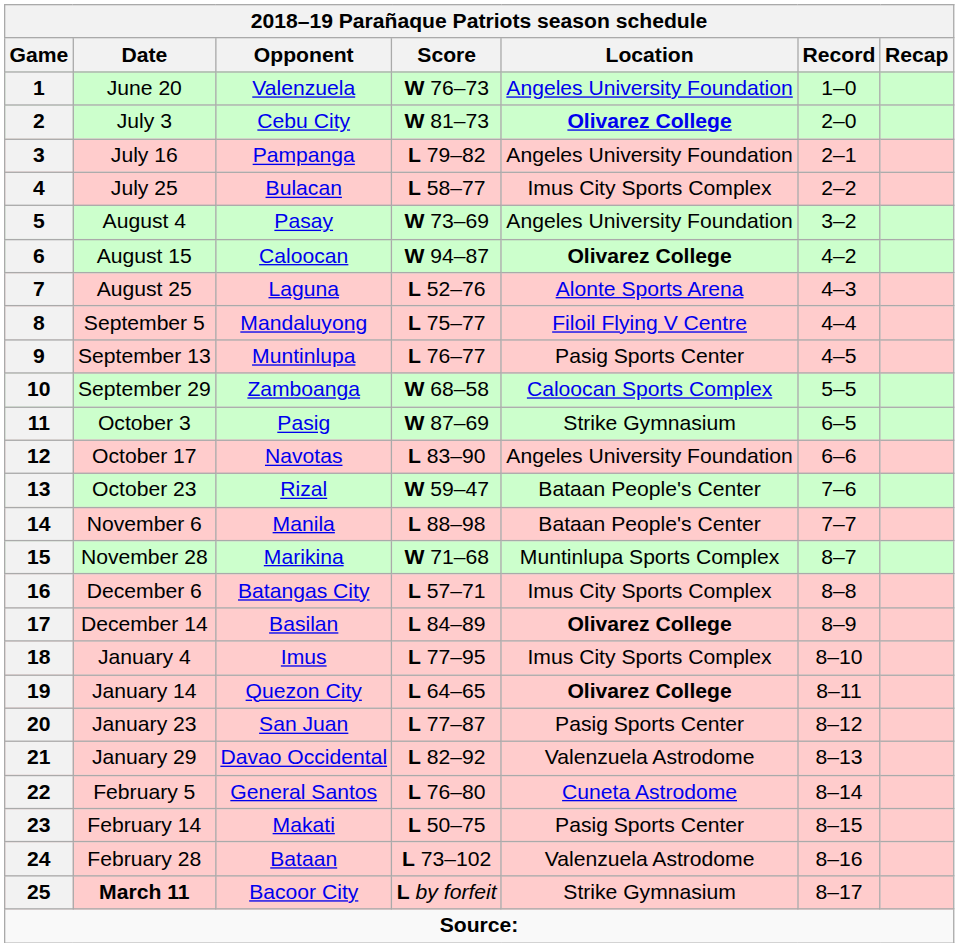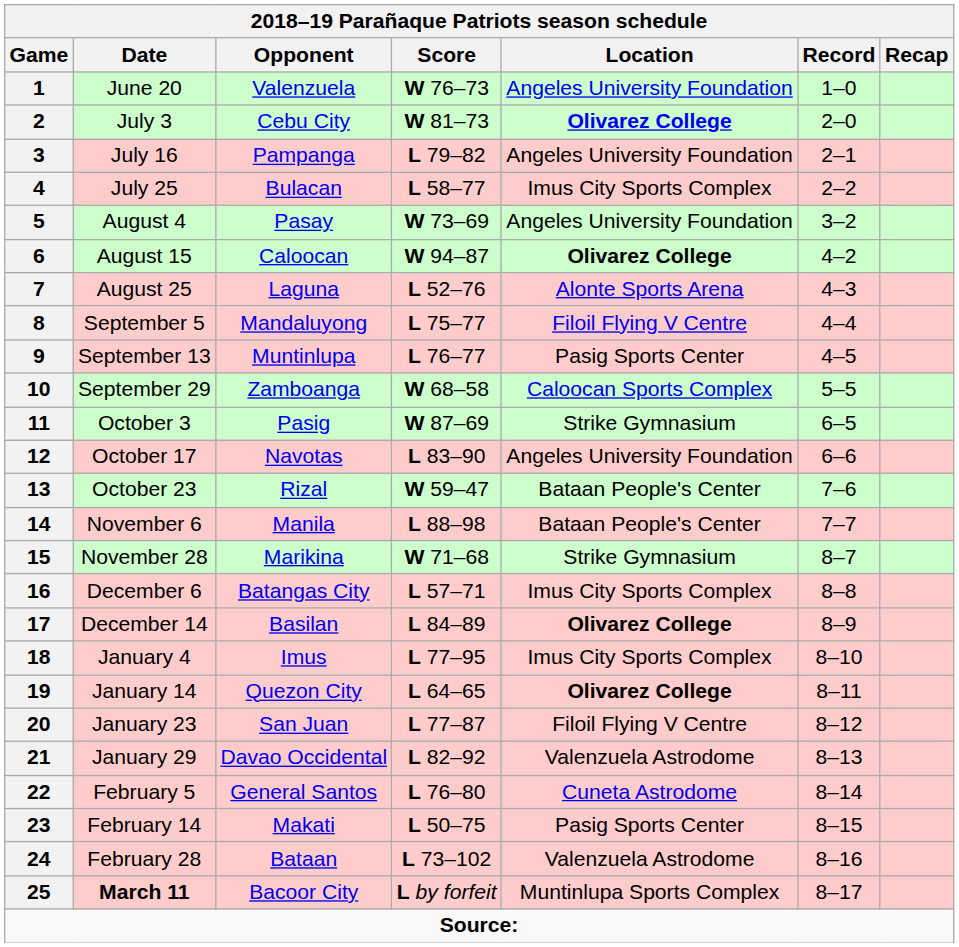 <table class="wikitable" style="text-align:center">
 <tr>
 <th colspan=7>2018–19 Parañaque Patriots season schedule</th>
 </tr>
 <tr>
 <th>Game</th>
 <th>Date</th>
 <th>Opponent</th>
 <th>Score</th>
 <th>Location</th>
 <th>Record</th>
 <th>Recap<br></th>
 </tr>
 <tr style="background:#cfc">
 <th>1</th>
 <td>June 20</td>
 <td><a href='#'>Valenzuela</a></td>
 <td><strong>W</strong> 76–73</td>
 <td><a href='#'>Angeles University Foundation</a></td>
 <td>1–0</td>
 <td></td>
 </tr>
 <tr style="background:#cfc">
 <th>2</th>
 <td>July 3</td>
 <td><a href='#'>Cebu City</a></td>
 <td><strong>W</strong> 81–73</td>
 <td><strong><a href='#'>Olivarez College</a></strong></td>
 <td>2–0</td>
 <td></td>
 </tr>
 <tr style="background:#fcc">
 <th>3</th>
 <td>July 16</td>
 <td><a href='#'>Pampanga</a></td>
 <td><strong>L</strong> 79–82</td>
 <td>Angeles University Foundation</td>
 <td>2–1</td>
 <td></td>
 </tr>
 <tr style="background:#fcc">
 <th>4</th>
 <td>July 25</td>
 <td><a href='#'>Bulacan</a></td>
 <td><strong>L</strong> 58–77</td>
 <td>Imus City Sports Complex</td>
 <td>2–2</td>
 <td></td>
 </tr>
 <tr style="background:#cfc">
 <th>5</th>
 <td>August 4</td>
 <td><a href='#'>Pasay</a></td>
 <td><strong>W</strong> 73–69</td>
 <td>Angeles University Foundation</td>
 <td>3–2</td>
 <td></td>
 </tr>
 <tr style="background:#cfc">
 <th>6</th>
 <td>August 15</td>
 <td><a href='#'>Caloocan</a></td>
 <td><strong>W</strong> 94–87</td>
 <td><strong>Olivarez College</strong></td>
 <td>4–2</td>
 <td></td>
 </tr>
 <tr style="background:#fcc">
 <th>7</th>
 <td>August 25</td>
 <td><a href='#'>Laguna</a></td>
 <td><strong>L</strong> 52–76</td>
 <td><a href='#'>Alonte Sports Arena</a></td>
 <td>4–3</td>
 <td></td>
 </tr>
 <tr style="background:#fcc">
 <th>8</th>
 <td>September 5</td>
 <td><a href='#'>Mandaluyong</a></td>
 <td><strong>L</strong> 75–77</td>
 <td><a href='#'>Filoil Flying V Centre</a></td>
 <td>4–4</td>
 <td></td>
 </tr>
 <tr style="background:#fcc">
 <th>9</th>
 <td>September 13</td>
 <td><a href='#'>Muntinlupa</a></td>
 <td><strong>L</strong> 76–77</td>
 <td>Pasig Sports Center</td>
 <td>4–5</td>
 <td></td>
 </tr>
 <tr style="background:#cfc">
 <th>10</th>
 <td>September 29</td>
 <td><a href='#'>Zamboanga</a></td>
 <td><strong>W</strong> 68–58</td>
 <td><a href='#'>Caloocan Sports Complex</a></td>
 <td>5–5</td>
 <td><br></td>
 </tr>
 <tr style="background:#cfc">
 <th>11</th>
 <td>October 3</td>
 <td><a href='#'>Pasig</a></td>
 <td><strong>W</strong> 87–69</td>
 <td>Strike Gymnasium</td>
 <td>6–5</td>
 <td></td>
 </tr>
 <tr style="background:#fcc">
 <th>12</th>
 <td>October 17</td>
 <td><a href='#'>Navotas</a></td>
 <td><strong>L</strong> 83–90</td>
 <td>Angeles University Foundation</td>
 <td>6–6</td>
 <td></td>
 </tr>
 <tr style="background:#cfc">
 <th>13</th>
 <td>October 23</td>
 <td><a href='#'>Rizal</a></td>
 <td><strong>W</strong> 59–47</td>
 <td>Bataan People's Center</td>
 <td>7–6</td>
 <td></td>
 </tr>
 <tr style="background:#fcc">
 <th>14</th>
 <td>November 6</td>
 <td><a href='#'>Manila</a></td>
 <td><strong>L</strong> 88–98</td>
 <td>Bataan People's Center</td>
 <td>7–7</td>
 <td></td>
 </tr>
 <tr style="background:#cfc">
 <th>15</th>
 <td>November 28</td>
 <td><a href='#'>Marikina</a></td>
 <td><strong>W</strong> 71–68</td>
-<td>Muntinlupa Sports Complex</td>
+<td>Strike Gymnasium</td>
 <td>8–7</td>
 <td></td>
 </tr>
 <tr style="background:#fcc">
 <th>16</th>
 <td>December 6</td>
 <td><a href='#'>Batangas City</a></td>
 <td><strong>L</strong> 57–71</td>
 <td>Imus City Sports Complex</td>
 <td>8–8</td>
 <td></td>
 </tr>
 <tr style="background:#fcc">
 <th>17</th>
 <td>December 14</td>
 <td><a href='#'>Basilan</a></td>
 <td><strong>L</strong> 84–89</td>
 <td><strong>Olivarez College</strong></td>
 <td>8–9</td>
 <td><br></td>
 </tr>
 <tr style="background:#fcc">
 <th>18</th>
 <td>January 4</td>
 <td><a href='#'>Imus</a></td>
 <td><strong>L</strong> 77–95</td>
 <td>Imus City Sports Complex</td>
 <td>8–10</td>
 <td></td>
 </tr>
 <tr style="background:#fcc">
 <th>19</th>
 <td>January 14</td>
 <td><a href='#'>Quezon City</a></td>
 <td><strong>L</strong> 64–65</td>
 <td><strong>Olivarez College</strong></td>
 <td>8–11</td>
 <td></td>
 </tr>
 <tr style="background:#fcc">
 <th>20</th>
 <td>January 23</td>
 <td><a href='#'>San Juan</a></td>
 <td><strong>L</strong> 77–87</td>
-<td>Pasig Sports Center</td>
+<td>Filoil Flying V Centre</td>
 <td>8–12</td>
 <td></td>
 </tr>
 <tr style="background:#fcc">
 <th>21</th>
 <td>January 29</td>
 <td><a href='#'>Davao Occidental</a></td>
 <td><strong>L</strong> 82–92</td>
 <td>Valenzuela Astrodome</td>
 <td>8–13</td>
 <td></td>
 </tr>
 <tr style="background:#fcc">
 <th>22</th>
 <td>February 5</td>
 <td><a href='#'>General Santos</a></td>
 <td><strong>L</strong> 76–80</td>
 <td><a href='#'>Cuneta Astrodome</a></td>
 <td>8–14</td>
 <td></td>
 </tr>
 <tr style="background:#fcc">
 <th>23</th>
 <td>February 14</td>
 <td><a href='#'>Makati</a></td>
 <td><strong>L</strong> 50–75</td>
 <td>Pasig Sports Center</td>
 <td>8–15</td>
 <td></td>
 </tr>
 <tr style="background:#fcc">
 <th>24</th>
 <td>February 28</td>
 <td><a href='#'>Bataan</a></td>
 <td><strong>L</strong> 73–102</td>
 <td>Valenzuela Astrodome</td>
 <td>8–16</td>
 <td></td>
 </tr>
 <tr style="background:#fcc">
 <th>25</th>
 <td><strong>March 11</strong></td>
 <td><a href='#'>Bacoor City</a></td>
 <td><strong>L</strong> <em>by forfeit</em></td>
-<td>Strike Gymnasium</td>
+<td>Muntinlupa Sports Complex</td>
 <td>8–17</td>
 <td></td>
 </tr>
 <tr>
 <td colspan=7 align=center><strong>Source: </strong></td>
 </tr>
 </table>
